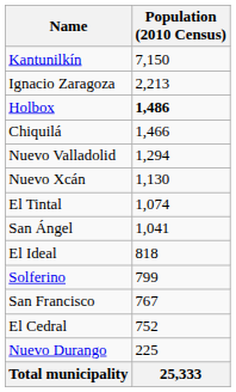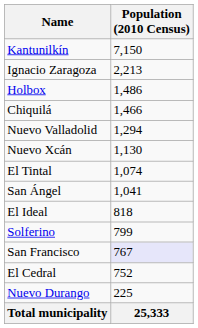 <table class="wikitable sortable">
 <tr>
 <th>Name</th>
 <th>Population<br>(2010 Census)</th>
 </tr>
 <tr>
 <td><a href='#'>Kantunilkín</a></td>
 <td>7,150</td>
 </tr>
 <tr>
 <td>Ignacio Zaragoza</td>
 <td>2,213</td>
 </tr>
 <tr>
 <td><a href='#'>Holbox</a></td>
-<td><strong>1,486</strong></td>
+<td>1,486</td>
 </tr>
 <tr>
 <td>Chiquilá</td>
 <td>1,466</td>
 </tr>
 <tr>
 <td>Nuevo Valladolid</td>
 <td>1,294</td>
 </tr>
 <tr>
 <td>Nuevo Xcán</td>
 <td>1,130</td>
 </tr>
 <tr>
 <td>El Tintal</td>
 <td>1,074</td>
 </tr>
 <tr>
 <td>San Ángel</td>
 <td>1,041</td>
 </tr>
 <tr>
 <td>El Ideal</td>
 <td>818</td>
 </tr>
 <tr>
 <td><a href='#'>Solferino</a></td>
 <td>799</td>
 </tr>
 <tr>
 <td>San Francisco</td>
-<td>767</td>
+<td style="background: lavender;">767</td>
 </tr>
 <tr>
 <td>El Cedral</td>
 <td>752</td>
 </tr>
 <tr>
 <td><a href='#'>Nuevo Durango</a></td>
 <td>225</td>
 </tr>
 <tr>
 <th>Total municipality</th>
 <th>25,333</th>
 </tr>
 </table>
